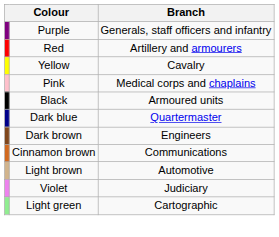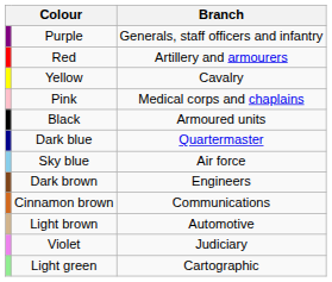 <table class="wikitable" style="text-align:center;">
 <tr>
 <th colspan=2>Colour</th>
 <th>Branch</th>
 </tr>
 <tr>
 <td style="background:purple;"></td>
 <td>Purple</td>
 <td>Generals, staff officers and infantry</td>
 </tr>
 <tr>
 <td style="background:red;"></td>
 <td>Red</td>
 <td>Artillery and <a href='#'>armourers</a></td>
 </tr>
 <tr>
 <td style="background:yellow;"></td>
 <td>Yellow</td>
 <td>Cavalry</td>
 </tr>
 <tr>
 <td style="background:pink;"></td>
 <td>Pink</td>
 <td>Medical corps and <a href='#'>chaplains</a></td>
 </tr>
 <tr>
 <td style="background:black;"></td>
 <td>Black</td>
 <td>Armoured units</td>
 </tr>
 <tr>
 <td style="background:darkblue;"></td>
 <td>Dark blue</td>
 <td><a href='#'>Quartermaster</a></td>
 </tr>
 <tr>
+<td style="background:skyblue;"></td>
+<td>Sky blue</td>
+<td>Air force</td>
+</tr>
+<tr>
 <td style="background:	#80461B;"></td>
 <td>Dark brown</td>
 <td>Engineers</td>
 </tr>
 <tr>
 <td style="background:#D2691E;"></td>
 <td>Cinnamon brown</td>
 <td>Communications</td>
 </tr>
 <tr>
 <td style="background:#D2B48C;"></td>
 <td>Light brown</td>
 <td>Automotive</td>
 </tr>
 <tr>
 <td style="background:violet;"></td>
 <td>Violet</td>
 <td>Judiciary</td>
 </tr>
 <tr>
 <td style="background:lightgreen;"></td>
 <td>Light green</td>
 <td>Cartographic</td>
 </tr>
 </table>
